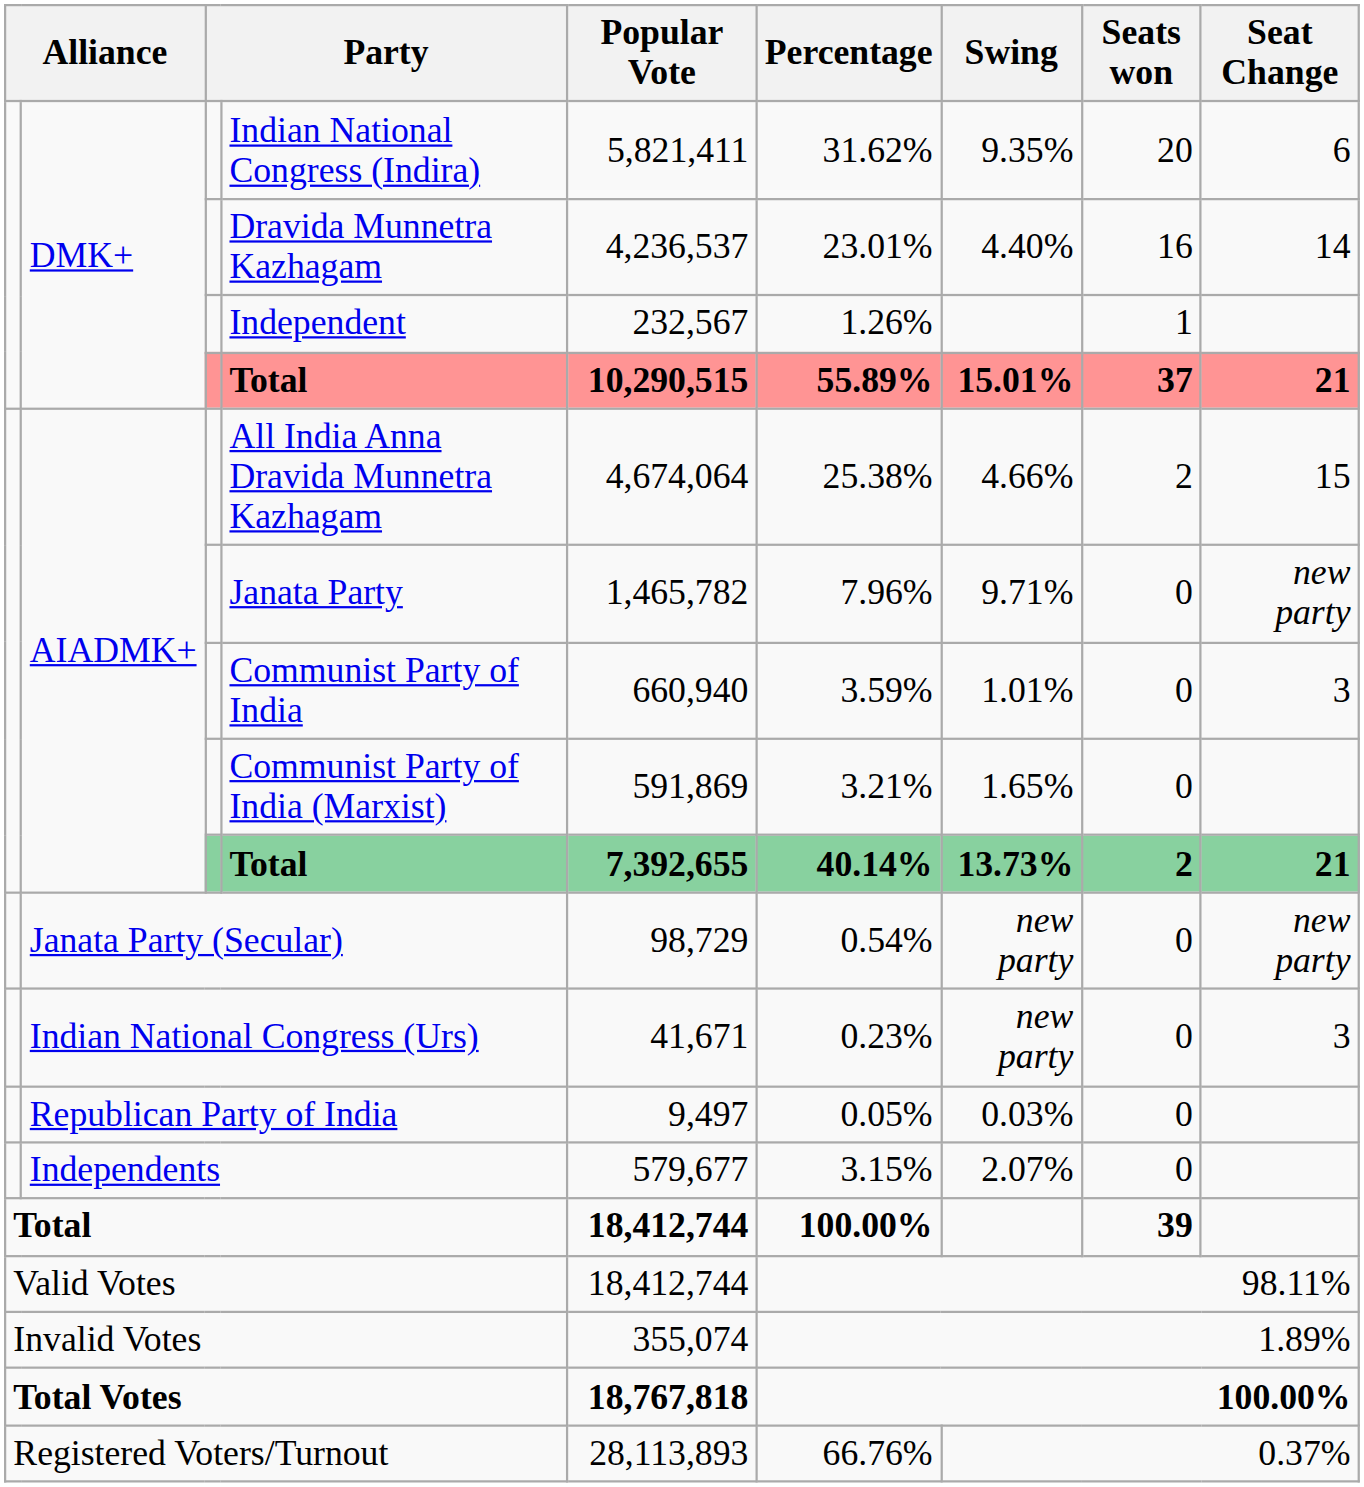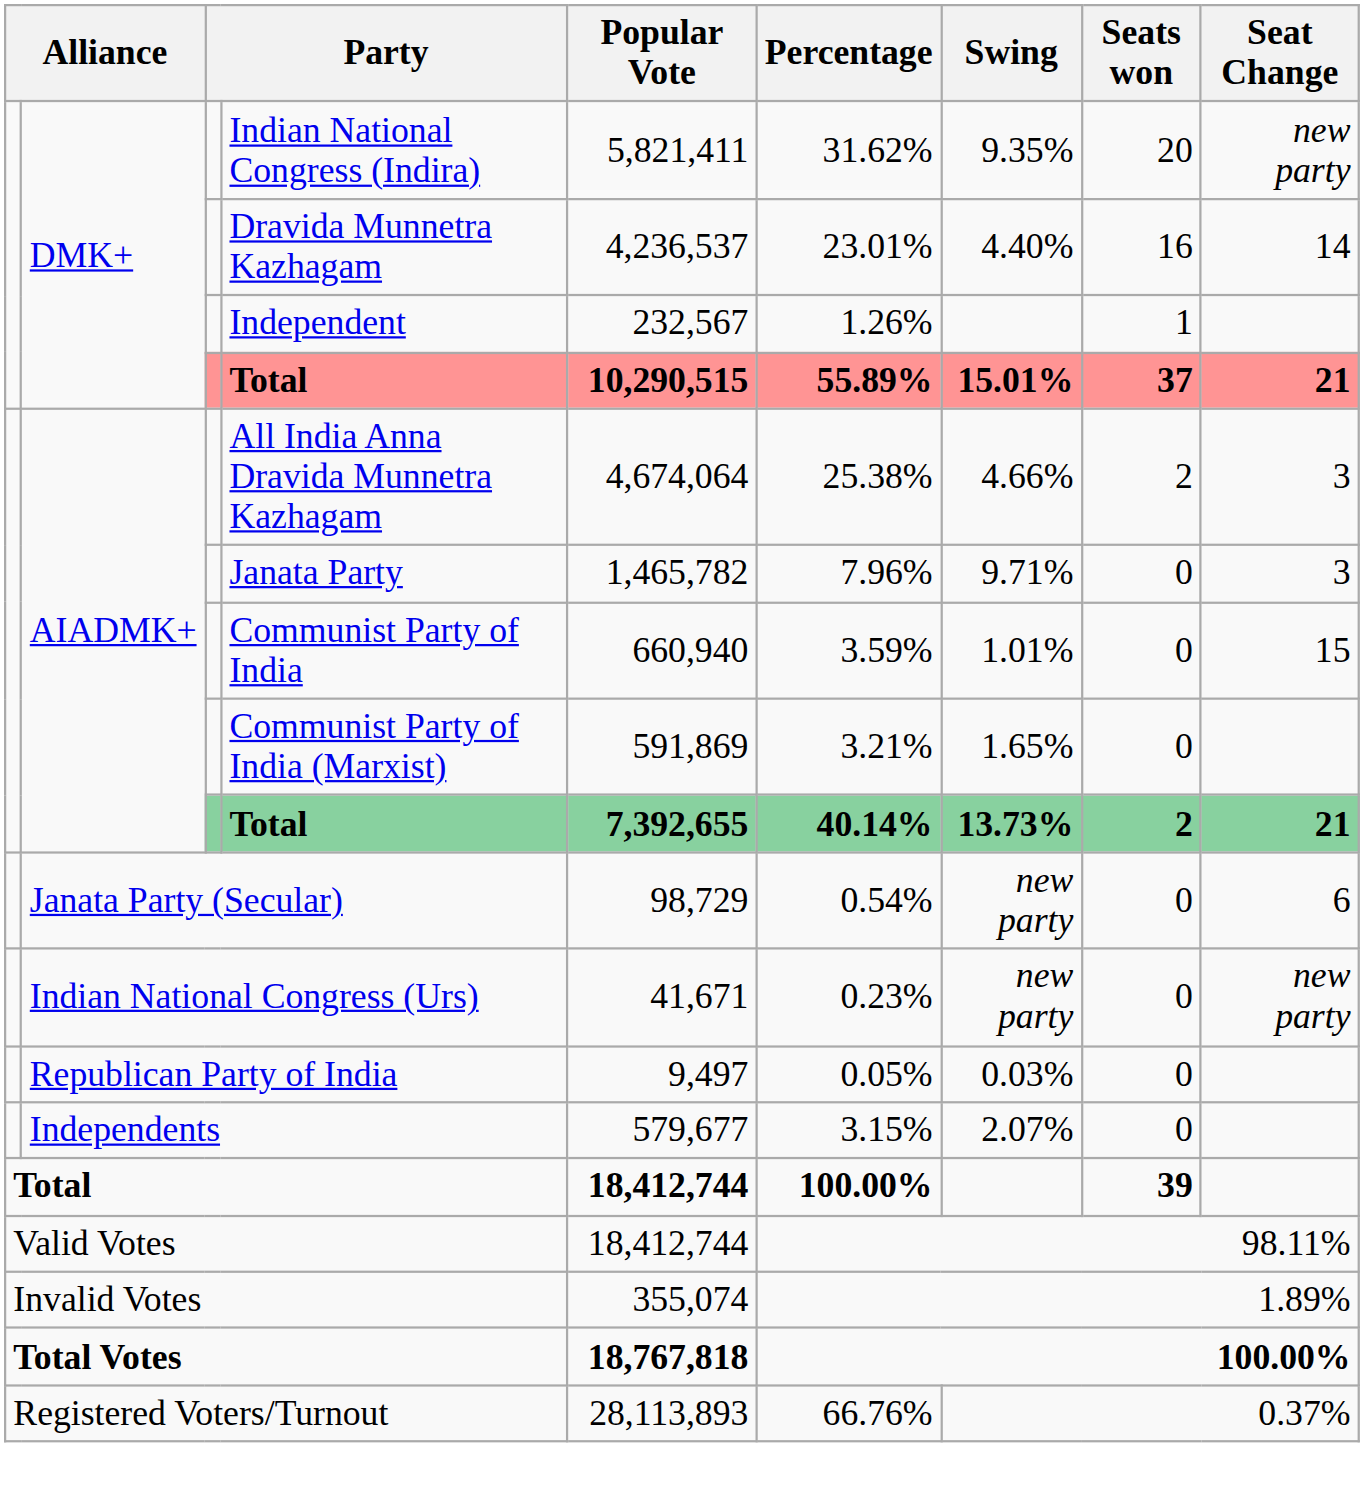 <table class='wikitable'>
 <tr>
 <th colspan="2" align=centre>Alliance</th>
 <th colspan="2" align=centre>Party</th>
 <th align=centre>Popular Vote</th>
 <th align=centre>Percentage</th>
 <th align=centre>Swing</th>
 <th align=centre>Seats won</th>
 <th align=centre>Seat Change</th>
 </tr>
 <tr>
 <td rowspan="4"></td>
 <td rowspan="4"><a href='#'>DMK+</a></td>
 <td></td>
 <td><a href='#'>Indian National Congress (Indira)</a></td>
 <td align=right>5,821,411</td>
 <td align=right>31.62%</td>
 <td align=right>9.35%</td>
 <td align=right>20</td>
-<td align=right>6</td>
+<td align=right><em>new party</em></td>
 </tr>
 <tr>
 <td></td>
 <td><a href='#'>Dravida Munnetra Kazhagam</a></td>
 <td align=right>4,236,537</td>
 <td align=right>23.01%</td>
 <td align=right>4.40%</td>
 <td align=right>16</td>
 <td align=right>14</td>
 </tr>
 <tr>
 <td></td>
 <td><a href='#'>Independent</a></td>
 <td align=right>232,567</td>
 <td align=right>1.26%</td>
 <td align=right></td>
 <td align=right>1</td>
 <td align=right></td>
 </tr>
 <tr>
 <td style="background:#FF9494"></td>
 <td style="background:#FF9494" align=left><strong>Total</strong></td>
 <td style="background:#FF9494" align=right><strong>10,290,515</strong></td>
 <td style="background:#FF9494" align=right><strong>55.89%</strong></td>
 <td style="background:#FF9494" align=right><strong>15.01%</strong></td>
 <td style="background:#FF9494" align=right><strong>37</strong></td>
 <td style="background:#FF9494" align=right><strong>21</strong></td>
 </tr>
 <tr>
 <td rowspan="5"></td>
 <td rowspan="5"><a href='#'>AIADMK+</a></td>
 <td></td>
 <td><a href='#'>All India Anna Dravida Munnetra Kazhagam</a></td>
 <td align=right>4,674,064</td>
 <td align=right>25.38%</td>
 <td align=right>4.66%</td>
 <td align=right>2</td>
-<td align=right>15</td>
+<td align=right>3</td>
 </tr>
 <tr>
 <td></td>
 <td><a href='#'>Janata Party</a></td>
 <td align=right>1,465,782</td>
 <td align=right>7.96%</td>
 <td align=right>9.71%</td>
 <td align=right>0</td>
-<td align=right><em>new party</em></td>
+<td align=right>3</td>
 </tr>
 <tr>
 <td></td>
 <td><a href='#'>Communist Party of India</a></td>
 <td align=right>660,940</td>
 <td align=right>3.59%</td>
 <td align=right>1.01%</td>
 <td align=right>0</td>
-<td align=right>3</td>
+<td align=right>15</td>
 </tr>
 <tr>
 <td></td>
 <td><a href='#'>Communist Party of India (Marxist)</a></td>
 <td align=right>591,869</td>
 <td align=right>3.21%</td>
 <td align=right>1.65%</td>
 <td align=right>0</td>
 <td align=right></td>
 </tr>
 <tr>
 <td style="background:#88D19F"></td>
 <td style="background:#88D19F" align=left><strong>Total</strong></td>
 <td style="background:#88D19F" align=right><strong>7,392,655</strong></td>
 <td style="background:#88D19F" align=right><strong>40.14%</strong></td>
 <td style="background:#88D19F" align=right><strong>13.73%</strong></td>
 <td style="background:#88D19F" align=right><strong>2</strong></td>
 <td style="background:#88D19F" align=right><strong>21</strong></td>
 </tr>
 <tr>
 <td></td>
 <td colspan="3" align=left><a href='#'>Janata Party (Secular)</a></td>
 <td align=right>98,729</td>
 <td align=right>0.54%</td>
 <td align=right><em>new party</em></td>
 <td align=right>0</td>
-<td align=right><em>new party</em></td>
+<td align=right>6</td>
 </tr>
 <tr>
 <td></td>
 <td colspan="3" align=left><a href='#'>Indian National Congress (Urs)</a></td>
 <td align=right>41,671</td>
 <td align=right>0.23%</td>
 <td align=right><em>new party</em></td>
 <td align=right>0</td>
-<td align=right>3</td>
+<td align=right><em>new party</em></td>
 </tr>
 <tr>
 <td></td>
 <td colspan="3" align=left><a href='#'>Republican Party of India</a></td>
 <td align=right>9,497</td>
 <td align=right>0.05%</td>
 <td align=right>0.03%</td>
 <td align=right>0</td>
 <td align=right></td>
 </tr>
 <tr>
 <td></td>
 <td colspan="3" align=left><a href='#'>Independents</a></td>
 <td align=right>579,677</td>
 <td align=right>3.15%</td>
 <td align=right>2.07%</td>
 <td align=right>0</td>
 <td align=right></td>
 </tr>
 <tr>
 <td colspan="4" align=left><strong>Total</strong></td>
 <td align=right><strong>18,412,744</strong></td>
 <td align=right><strong>100.00%</strong></td>
 <td align=right></td>
 <td align=right><strong>39</strong></td>
 <td align=right></td>
 </tr>
 <tr>
 <td colspan="4" align=left>Valid Votes</td>
 <td align=right>18,412,744</td>
 <td colspan="4" align=right>98.11%</td>
 </tr>
 <tr>
 <td colspan="4" align=left>Invalid Votes</td>
 <td align=right>355,074</td>
 <td colspan="4" align=right>1.89%</td>
 </tr>
 <tr>
 <td colspan="4" align=left><strong>Total Votes</strong></td>
 <td align=right><strong>18,767,818</strong></td>
 <td colspan="4" align=right><strong>100.00%</strong></td>
 </tr>
 <tr>
 <td colspan="4" align=left>Registered Voters/Turnout</td>
 <td align=right>28,113,893</td>
 <td align=right>66.76%</td>
 <td colspan="3" align=right>0.37%</td>
 </tr>
 </table>
